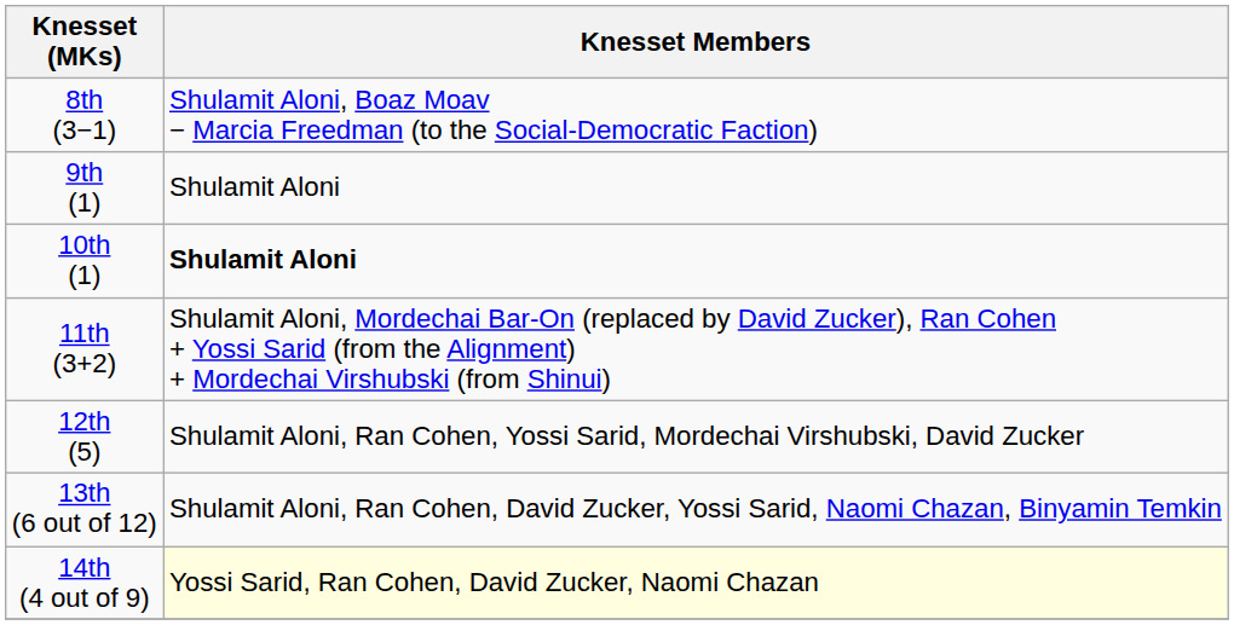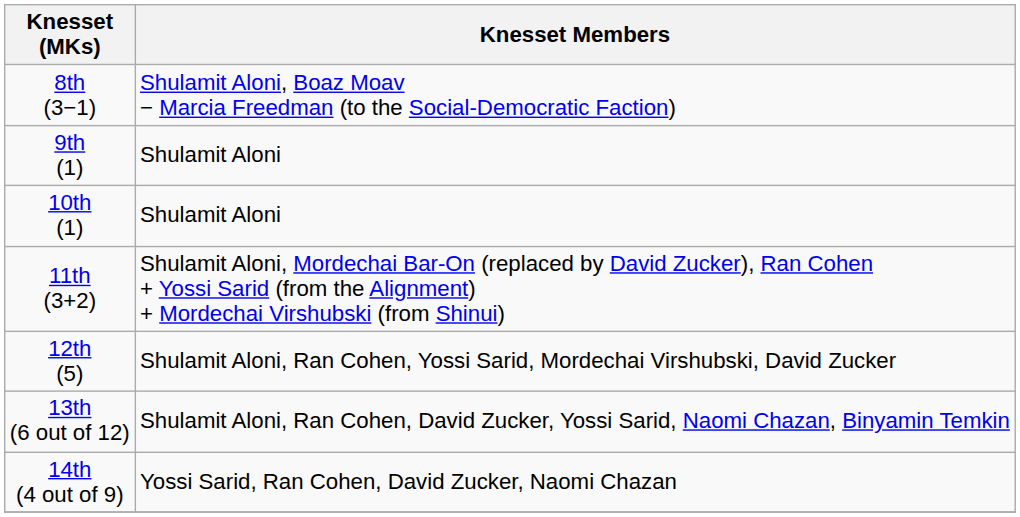 <table class="wikitable" style="text-align:center;">
 <tr>
 <th>Knesset<br>(MKs)</th>
 <th>Knesset Members</th>
 </tr>
 <tr>
 <td><a href='#'>8th</a><br>(3−1)</td>
 <td style="text-align:left"><a href='#'>Shulamit Aloni</a>, <a href='#'>Boaz Moav</a><br>− <a href='#'>Marcia Freedman</a> (to the <a href='#'>Social-Democratic Faction</a>)</td>
 </tr>
 <tr>
 <td><a href='#'>9th</a><br>(1)</td>
 <td style="text-align:left">Shulamit Aloni</td>
 </tr>
 <tr>
 <td><a href='#'>10th</a><br>(1)</td>
-<td style="text-align:left"><strong>Shulamit Aloni</strong></td>
+<td style="text-align:left">Shulamit Aloni</td>
 </tr>
 <tr>
 <td><a href='#'>11th</a><br>(3+2)</td>
 <td style="text-align:left">Shulamit Aloni, <a href='#'>Mordechai Bar-On</a> (replaced by <a href='#'>David Zucker</a>), <a href='#'>Ran Cohen</a><br>+ <a href='#'>Yossi Sarid</a> (from the <a href='#'>Alignment</a>)<br>+ <a href='#'>Mordechai Virshubski</a> (from <a href='#'>Shinui</a>)</td>
 </tr>
 <tr>
 <td><a href='#'>12th</a><br>(5)</td>
 <td style="text-align:left">Shulamit Aloni, Ran Cohen, Yossi Sarid, Mordechai Virshubski, David Zucker</td>
 </tr>
 <tr>
 <td><a href='#'>13th</a><br>(6 out of 12)</td>
 <td style="text-align:left">Shulamit Aloni, Ran Cohen, David Zucker, Yossi Sarid, <a href='#'>Naomi Chazan</a>, <a href='#'>Binyamin Temkin</a></td>
 </tr>
 <tr>
 <td><a href='#'>14th</a><br>(4 out of 9)</td>
-<td style="background: lightyellow; text-align:left">Yossi Sarid, Ran Cohen, David Zucker, Naomi Chazan</td>
+<td style="text-align:left">Yossi Sarid, Ran Cohen, David Zucker, Naomi Chazan</td>
 </tr>
 <tr>
 </tr>
 </table>
